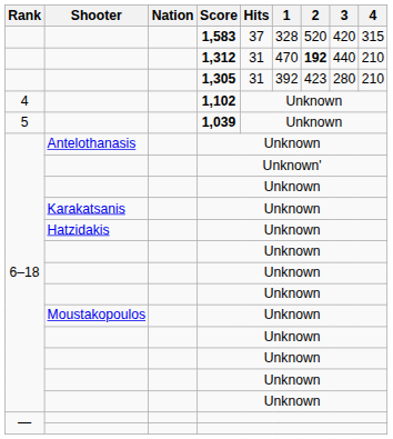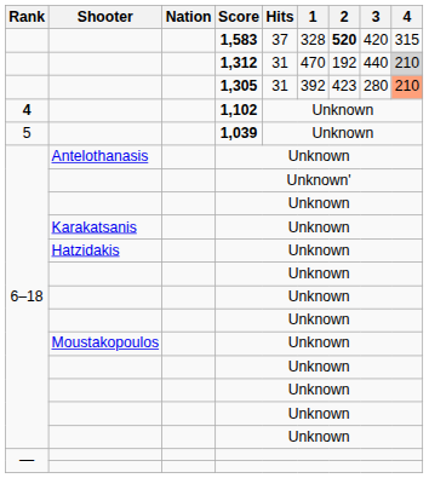 <table class="wikitable sortable" style="text-align:center">
 <tr>
 <th>Rank</th>
 <th>Shooter</th>
 <th>Nation</th>
 <th>Score</th>
 <th>Hits</th>
 <th>1</th>
 <th>2</th>
 <th>3</th>
 <th>4</th>
 </tr>
 <tr>
 <td></td>
 <td align=left></td>
 <td align=left></td>
 <td><strong>1,583</strong></td>
 <td>37</td>
 <td>328</td>
-<td>520</td>
+<td><strong>520</strong></td>
 <td>420</td>
 <td>315</td>
 </tr>
 <tr>
 <td></td>
 <td align=left></td>
 <td align=left></td>
 <td><strong>1,312</strong></td>
 <td>31</td>
 <td>470</td>
-<td><strong>192</strong></td>
+<td>192</td>
 <td>440</td>
-<td>210</td>
+<td style="background: lightgrey;">210</td>
 </tr>
 <tr>
 <td></td>
 <td align=left></td>
 <td align=left></td>
 <td><strong>1,305</strong></td>
 <td>31</td>
 <td>392</td>
 <td>423</td>
 <td>280</td>
-<td>210</td>
+<td style="background: lightsalmon;">210</td>
 </tr>
 <tr>
-<td>4</td>
+<td><strong>4</strong></td>
 <td align=left></td>
 <td align=left></td>
 <td><strong>1,102</strong></td>
 <td colspan=5 data-sort-value=1>Unknown</td>
 </tr>
 <tr>
 <td>5</td>
 <td align=left></td>
 <td align=left></td>
 <td><strong>1,039</strong></td>
 <td colspan=5 data-sort-value=1>Unknown</td>
 </tr>
 <tr>
 <td rowspan=13>6–18</td>
 <td align=left><a href='#'>Antelothanasis</a></td>
 <td align=left></td>
 <td colspan=6 data-sort-value=1>Unknown</td>
 </tr>
 <tr>
 <td align=left></td>
 <td align=left></td>
 <td colspan=6 data-sort-value=1>Unknown'</td>
 </tr>
 <tr>
 <td align=left></td>
 <td align=left></td>
 <td colspan=6 data-sort-value=1>Unknown</td>
 </tr>
 <tr>
 <td align=left><a href='#'>Karakatsanis</a></td>
 <td align=left></td>
 <td colspan=6 data-sort-value=1>Unknown</td>
 </tr>
 <tr>
 <td align=left><a href='#'>Hatzidakis</a></td>
 <td align=left></td>
 <td colspan=6 data-sort-value=1>Unknown</td>
 </tr>
 <tr>
 <td align=left></td>
 <td align=left></td>
 <td colspan=6 data-sort-value=1>Unknown</td>
 </tr>
 <tr>
 <td align=left></td>
 <td align=left></td>
 <td colspan=6 data-sort-value=1>Unknown</td>
 </tr>
 <tr>
 <td align=left></td>
 <td align=left></td>
 <td colspan=6 data-sort-value=1>Unknown</td>
 </tr>
 <tr>
 <td align=left><a href='#'>Moustakopoulos</a></td>
 <td align=left></td>
 <td colspan=6 data-sort-value=1>Unknown</td>
 </tr>
 <tr>
 <td align=left></td>
 <td align=left></td>
 <td colspan=6 data-sort-value=1>Unknown</td>
 </tr>
 <tr>
 <td align=left></td>
 <td align=left></td>
 <td colspan=6 data-sort-value=1>Unknown</td>
 </tr>
 <tr>
 <td align=left></td>
 <td align=left></td>
 <td colspan=6 data-sort-value=1>Unknown</td>
 </tr>
 <tr>
 <td align=left></td>
 <td align=left></td>
 <td colspan=6 data-sort-value=1>Unknown</td>
 </tr>
 <tr>
 <td rowspan=2 data-sort-value=19>—</td>
 <td align=left></td>
 <td align=left></td>
 <td colspan=6 data-sort-value=0></td>
 </tr>
 <tr>
 <td align=left></td>
 <td align=left></td>
 <td colspan=6 data-sort-value=0></td>
 </tr>
 </table>
